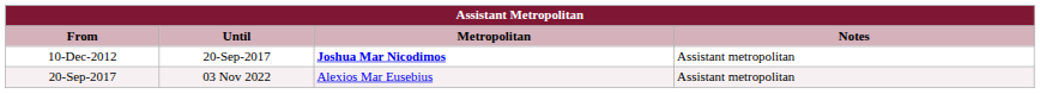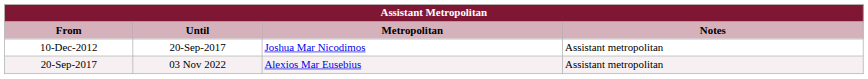 <table class="wikitable" style="width: 100%;">
 <tr>
 <th colspan="4" style="background-color: #7F1734; color: white;">Assistant Metropolitan</th>
 </tr>
 <tr>
 <th style="background-color: #D4B1BB; width: 15%;">From</th>
 <th style="background-color: #D4B1BB; width: 15%;">Until</th>
 <th style="background-color: #D4B1BB; width: 35%;">Metropolitan</th>
 <th style="background-color: #D4B1BB; width: 35%;">Notes</th>
 </tr>
 <tr valign="top" style="background-color: white;">
 <td style="text-align: center;">10-Dec-2012</td>
 <td style="text-align: center;">20-Sep-2017</td>
-<td><strong><a href='#'>Joshua Mar Nicodimos</a></strong></td>
+<td><a href='#'>Joshua Mar Nicodimos</a></td>
 <td>Assistant metropolitan</td>
 </tr>
 <tr valign="top" style="background-color: #F7F0F2;">
 <td style="text-align: center;">20-Sep-2017</td>
 <td style="text-align: center;">03 Nov 2022</td>
 <td><a href='#'>Alexios Mar Eusebius</a></td>
 <td>Assistant metropolitan</td>
 </tr>
 </table>
